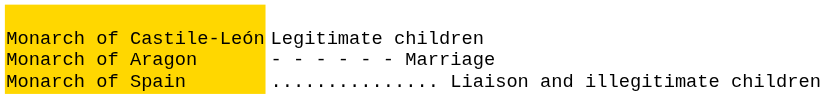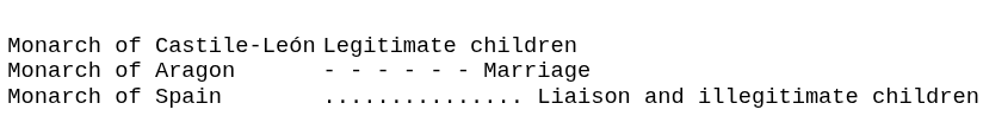 <table>
 <tr>
 <td style="text-align:left" colspan=99></td>
 </tr>
 <tr>
-<td valign=top style="background: gold; text-align:left"><br> Monarch of Castile-León<br>  Monarch of Aragon<br>  Monarch of Spain</td>
+<td valign=top style="text-align:left"><br> Monarch of Castile-León<br>  Monarch of Aragon<br>  Monarch of Spain</td>
 <td valign=top  style="text-align:left"><br> Legitimate children<br> - - - - - - Marriage<br> ............... Liaison and illegitimate children</td>
 </tr>
 </table>
